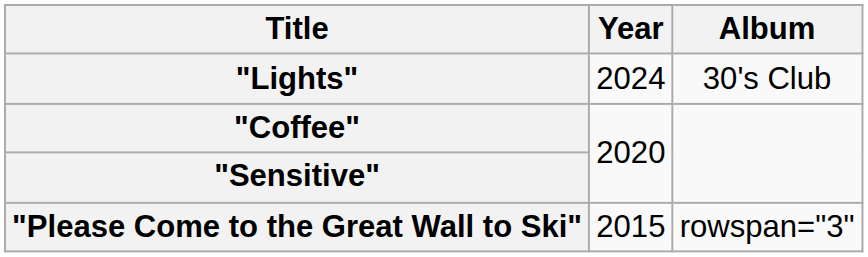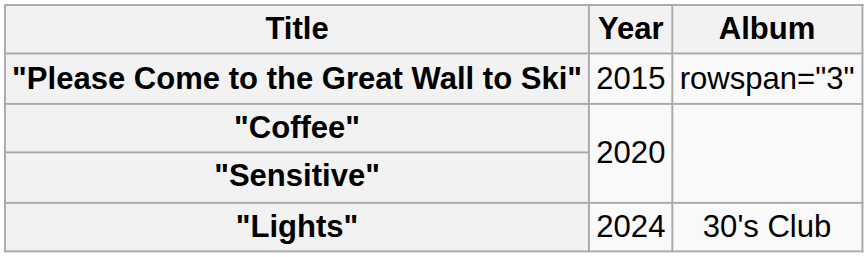 <table class="wikitable plainrowheaders" style="text-align:center;">
 <tr>
 <th scope="col">Title</th>
 <th scope="col">Year</th>
 <th scope="col">Album</th>
 </tr>
 <tr>
-<th scope="row">"Lights"<br></th>
-<td>2024</td>
-<td>30's Club <br></td>
+<th scope=row>"Please Come to the Great Wall to Ski"<br></th>
+<td>2015</td>
+<td>rowspan="3" </td>
 </tr>
 <tr>
 <th scope="row">"Coffee"<br></th>
 <td rowspan="2">2020</td>
 </tr>
 <tr>
 <th scope="row">"Sensitive"<br></th>
 </tr>
 <tr>
-<th scope=row>"Please Come to the Great Wall to Ski"<br></th>
-<td>2015</td>
-<td>rowspan="3" </td>
+<th scope="row">"Lights"<br></th>
+<td>2024</td>
+<td>30's Club <br></td>
 </tr>
 </table>
